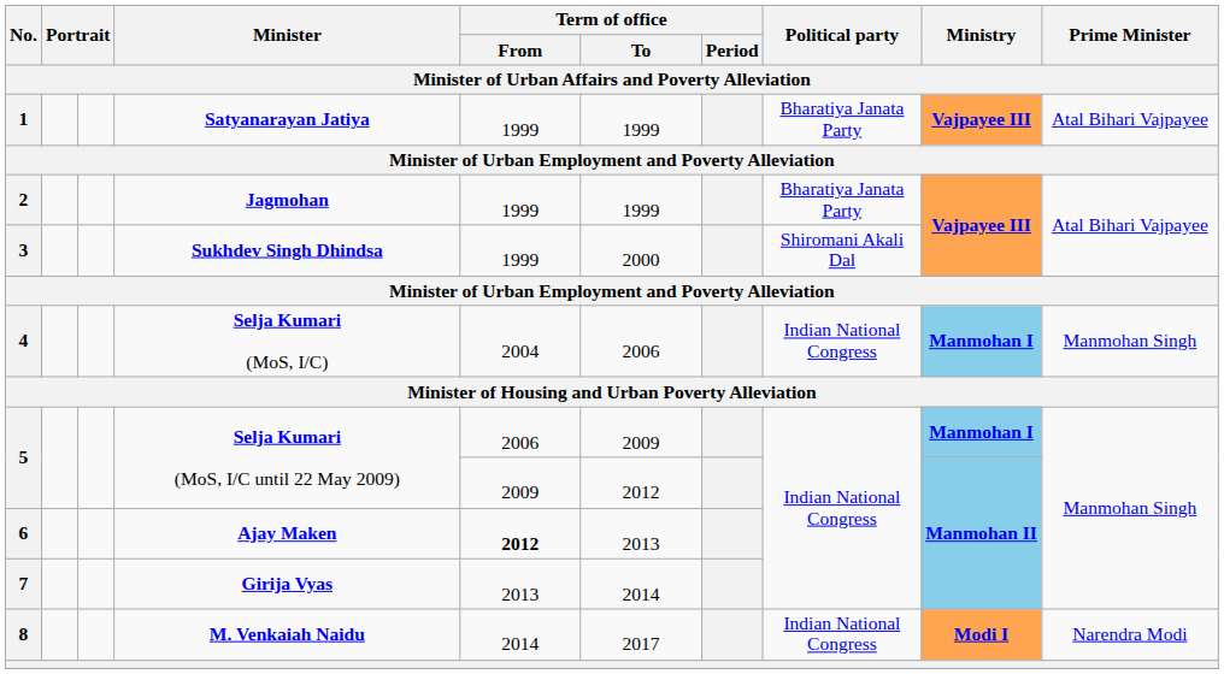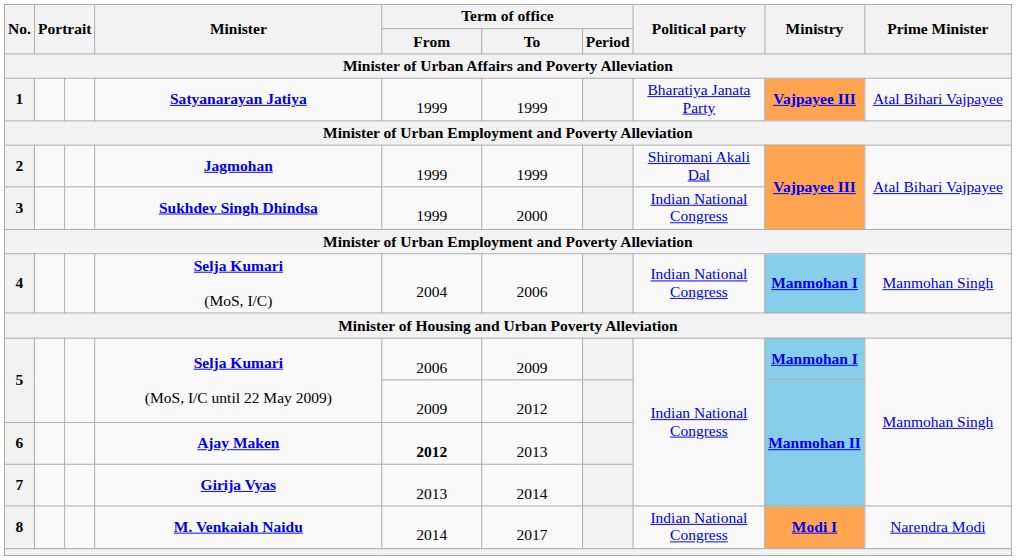 <table class="wikitable" style="text-align:center">
 <tr>
 <th rowspan="2">No.</th>
 <th rowspan="2" colspan="2">Portrait</th>
 <th rowspan="2" style="width:18em">Minister<br></th>
 <th colspan="3">Term of office</th>
 <th rowspan="2" style="width:8em">Political party</th>
 <th rowspan="2">Ministry</th>
 <th rowspan="2" style="width:9em">Prime Minister</th>
 </tr>
 <tr>
 <th style="width:6em">From</th>
 <th style="width:6em">To</th>
 <th>Period</th>
 </tr>
 <tr>
 <th colspan="10">Minister of Urban Affairs and Poverty Alleviation</th>
 </tr>
 <tr>
 <th>1</th>
 <td></td>
 <td></td>
 <td><strong><a href='#'>Satyanarayan Jatiya</a></strong><br></td>
 <td><br>1999</td>
 <td><br>1999</td>
 <th></th>
 <td><a href='#'>Bharatiya Janata Party</a></td>
 <td style="background:#FFA551;"><strong><a href='#'>Vajpayee III</a></strong></td>
 <td><a href='#'>Atal Bihari Vajpayee</a></td>
 </tr>
 <tr>
 <th colspan="10">Minister of Urban Employment and Poverty Alleviation</th>
 </tr>
 <tr>
 <th>2</th>
 <td></td>
 <td></td>
 <td><strong><a href='#'>Jagmohan</a></strong><br></td>
 <td><br>1999</td>
 <td><br>1999</td>
 <th></th>
-<td><a href='#'>Bharatiya Janata Party</a></td>
+<td><a href='#'>Shiromani Akali Dal</a></td>
 <td rowspan="2" style="background:#FFA551;"><strong><a href='#'>Vajpayee III</a></strong></td>
 <td rowspan="2"><a href='#'>Atal Bihari Vajpayee</a></td>
 </tr>
 <tr>
 <th>3</th>
 <td></td>
 <td></td>
 <td><strong><a href='#'>Sukhdev Singh Dhindsa</a></strong><br></td>
 <td><br>1999</td>
 <td><br>2000</td>
 <th></th>
-<td><a href='#'>Shiromani Akali Dal</a></td>
+<td><a href='#'>Indian National Congress</a></td>
 </tr>
 <tr>
 <th colspan="10">Minister of Urban Employment and Poverty Alleviation</th>
 </tr>
 <tr>
 <th>4</th>
 <td></td>
 <td></td>
 <td><strong><a href='#'>Selja Kumari</a></strong><br><br>(MoS, I/C)</td>
 <td><br>2004</td>
 <td><br>2006</td>
 <th></th>
 <td><a href='#'>Indian National Congress</a></td>
 <td bgcolor="#87CEEB"><a href='#'><strong>Manmohan I</strong></a></td>
 <td><a href='#'>Manmohan Singh</a></td>
 </tr>
 <tr>
 <th colspan="10">Minister of Housing and Urban Poverty Alleviation</th>
 </tr>
 <tr>
 <th rowspan="2">5</th>
 <td rowspan="2"></td>
 <td rowspan="2"></td>
 <td rowspan="2"><strong><a href='#'>Selja Kumari</a></strong><br><br>(MoS, I/C until 22 May 2009)</td>
 <td><br>2006</td>
 <td><br>2009</td>
 <th></th>
 <td rowspan="4"><a href='#'>Indian National Congress</a></td>
 <td bgcolor="#87CEEB"><a href='#'><strong>Manmohan I</strong></a></td>
 <td rowspan="4"><a href='#'>Manmohan Singh</a></td>
 </tr>
 <tr>
 <td><br>2009</td>
 <td><br>2012</td>
 <th></th>
 <td rowspan="3" bgcolor="#87CEEB"><a href='#'><strong>Manmohan II</strong></a></td>
 </tr>
 <tr>
 <th>6</th>
 <td></td>
 <td></td>
 <td><strong><a href='#'>Ajay Maken</a></strong><br></td>
 <td><strong><br>2012</strong></td>
 <td><br>2013</td>
 <th></th>
 </tr>
 <tr>
 <th>7</th>
 <td></td>
 <td></td>
 <td><strong><a href='#'>Girija Vyas</a></strong><br></td>
 <td><br>2013</td>
 <td><br>2014</td>
 <th></th>
 </tr>
 <tr>
 <th>8</th>
 <td></td>
 <td></td>
 <td><strong><a href='#'>M. Venkaiah Naidu</a></strong><br></td>
 <td><br>2014</td>
 <td><br>2017</td>
 <th></th>
 <td><a href='#'>Indian National Congress</a></td>
 <td style="background:#FFA551;"><strong><a href='#'>Modi I</a></strong></td>
 <td><a href='#'>Narendra Modi</a></td>
 </tr>
 <tr>
 <th colspan="10"></th>
 </tr>
 <tr>
 </tr>
 </table>
